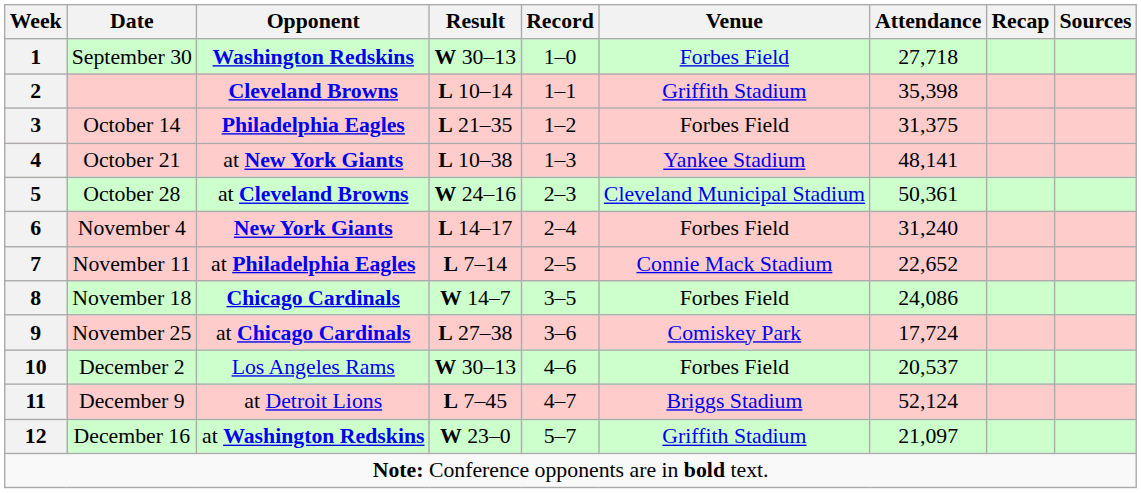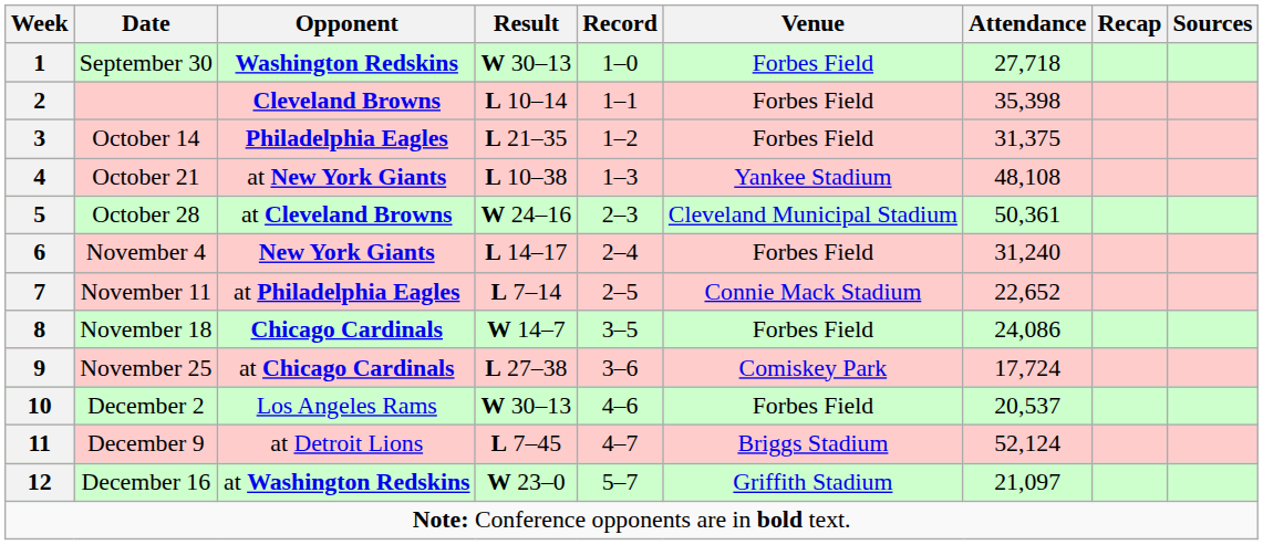 <table class="wikitable" style="text-align:center">
 <tr>
 <th>Week</th>
 <th>Date</th>
 <th>Opponent</th>
 <th>Result</th>
 <th>Record</th>
 <th>Venue</th>
 <th>Attendance</th>
 <th>Recap</th>
 <th>Sources</th>
 </tr>
 <tr style="background:#cfc">
 <th>1</th>
 <td>September 30</td>
 <td><strong><a href='#'>Washington Redskins</a></strong></td>
 <td><strong>W</strong> 30–13</td>
 <td>1–0</td>
 <td><a href='#'>Forbes Field</a></td>
 <td>27,718</td>
 <td></td>
 <td></td>
 </tr>
 <tr style="background:#fcc">
 <th>2</th>
 <td></td>
 <td><strong><a href='#'>Cleveland Browns</a></strong></td>
 <td><strong>L</strong> 10–14</td>
 <td>1–1</td>
-<td><a href='#'>Griffith Stadium</a></td>
+<td>Forbes Field</td>
 <td>35,398</td>
 <td></td>
 <td></td>
 </tr>
 <tr style="background:#fcc">
 <th>3</th>
 <td>October 14</td>
 <td><strong><a href='#'>Philadelphia Eagles</a></strong></td>
 <td><strong>L</strong> 21–35</td>
 <td>1–2</td>
 <td>Forbes Field</td>
 <td>31,375</td>
 <td></td>
 <td></td>
 </tr>
 <tr style="background:#fcc">
 <th>4</th>
 <td>October 21</td>
 <td>at <strong><a href='#'>New York Giants</a></strong></td>
 <td><strong>L</strong> 10–38</td>
 <td>1–3</td>
 <td><a href='#'>Yankee Stadium</a></td>
-<td>48,141</td>
+<td>48,108</td>
 <td></td>
 <td></td>
 </tr>
 <tr style="background:#cfc">
 <th>5</th>
 <td>October 28</td>
 <td>at <strong><a href='#'>Cleveland Browns</a></strong></td>
 <td><strong>W</strong> 24–16</td>
 <td>2–3</td>
 <td><a href='#'>Cleveland Municipal Stadium</a></td>
 <td>50,361</td>
 <td></td>
 <td></td>
 </tr>
 <tr style="background:#fcc">
 <th>6</th>
 <td>November 4</td>
 <td><strong><a href='#'>New York Giants</a></strong></td>
 <td><strong>L</strong> 14–17</td>
 <td>2–4</td>
 <td>Forbes Field</td>
 <td>31,240</td>
 <td></td>
 <td></td>
 </tr>
 <tr style="background:#fcc">
 <th>7</th>
 <td>November 11</td>
 <td>at <strong><a href='#'>Philadelphia Eagles</a></strong></td>
 <td><strong>L</strong> 7–14</td>
 <td>2–5</td>
 <td><a href='#'>Connie Mack Stadium</a></td>
 <td>22,652</td>
 <td></td>
 <td></td>
 </tr>
 <tr style="background:#cfc">
 <th>8</th>
 <td>November 18</td>
 <td><strong><a href='#'>Chicago Cardinals</a></strong></td>
 <td><strong>W</strong> 14–7</td>
 <td>3–5</td>
 <td>Forbes Field</td>
 <td>24,086</td>
 <td></td>
 <td></td>
 </tr>
 <tr style="background:#fcc">
 <th>9</th>
 <td>November 25</td>
 <td>at <strong><a href='#'>Chicago Cardinals</a></strong></td>
 <td><strong>L</strong> 27–38</td>
 <td>3–6</td>
 <td><a href='#'>Comiskey Park</a></td>
 <td>17,724</td>
 <td></td>
 <td></td>
 </tr>
 <tr style="background:#cfc">
 <th>10</th>
 <td>December 2</td>
 <td><a href='#'>Los Angeles Rams</a></td>
 <td><strong>W</strong> 30–13</td>
 <td>4–6</td>
 <td>Forbes Field</td>
 <td>20,537</td>
 <td></td>
 <td></td>
 </tr>
 <tr style="background:#fcc">
 <th>11</th>
 <td>December 9</td>
 <td>at <a href='#'>Detroit Lions</a></td>
 <td><strong>L</strong> 7–45</td>
 <td>4–7</td>
 <td><a href='#'>Briggs Stadium</a></td>
 <td>52,124</td>
 <td></td>
 <td></td>
 </tr>
 <tr style="background:#cfc">
 <th>12</th>
 <td>December 16</td>
 <td>at <strong><a href='#'>Washington Redskins</a></strong></td>
 <td><strong>W</strong> 23–0</td>
 <td>5–7</td>
 <td><a href='#'>Griffith Stadium</a></td>
 <td>21,097</td>
 <td></td>
 <td></td>
 </tr>
 <tr>
 <td colspan="10"><strong>Note:</strong> Conference opponents are in <strong>bold</strong> text.</td>
 </tr>
 </table>
